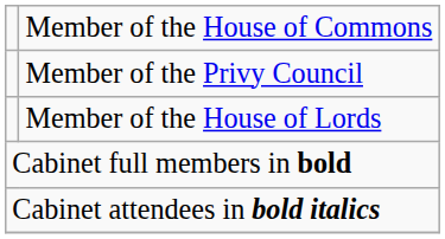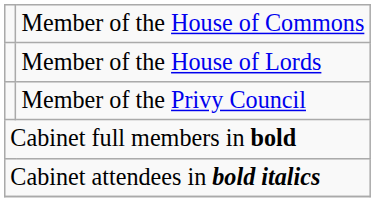 <table class="wikitable">
 <tr>
 <td style="background: "></td>
 <td>Member of the <a href='#'>House of Commons</a></td>
 </tr>
 <tr>
 <td style="background: "></td>
-<td>Member of the <a href='#'>Privy Council</a></td>
+<td>Member of the <a href='#'>House of Lords</a></td>
 </tr>
 <tr>
 <td style="background: "></td>
-<td>Member of the <a href='#'>House of Lords</a></td>
+<td>Member of the <a href='#'>Privy Council</a></td>
 </tr>
 <tr>
 <td colspan="2">Cabinet full members in <strong>bold</strong></td>
 </tr>
 <tr>
 <td colspan="2">Cabinet attendees in <strong><em>bold italics</em></strong></td>
 </tr>
 <tr>
 </tr>
 </table>
